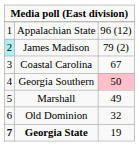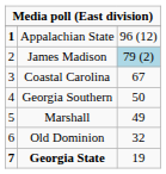 <table class="wikitable" style="display: inline-table;">
 <tr>
 <td align="center" Colspan="3"><strong>Media poll (East division)</strong></td>
 </tr>
 <tr align="center">
 </tr>
 <tr align="center">
-<td>1</td>
+<td><strong>1</strong></td>
 <td>Appalachian State</td>
 <td>96 (12)</td>
 </tr>
 <tr align="center">
-<td style="background: paleturquoise;">2</td>
+<td>2</td>
 <td>James Madison</td>
-<td>79 (2)</td>
+<td style="background: lightblue;">79 (2)</td>
 </tr>
 <tr align="center">
 <td>3</td>
 <td>Coastal Carolina</td>
 <td>67</td>
 </tr>
 <tr align="center">
 <td>4</td>
 <td>Georgia Southern</td>
-<td style="background: pink;">50</td>
+<td>50</td>
 </tr>
 <tr align="center">
 <td>5</td>
 <td>Marshall</td>
 <td>49</td>
 </tr>
 <tr align="center">
 <td>6</td>
 <td>Old Dominion</td>
 <td>32</td>
 </tr>
 <tr align="center">
 <td><strong>7</strong></td>
 <td><strong>Georgia State</strong></td>
 <td>19</td>
 </tr>
 </table>
